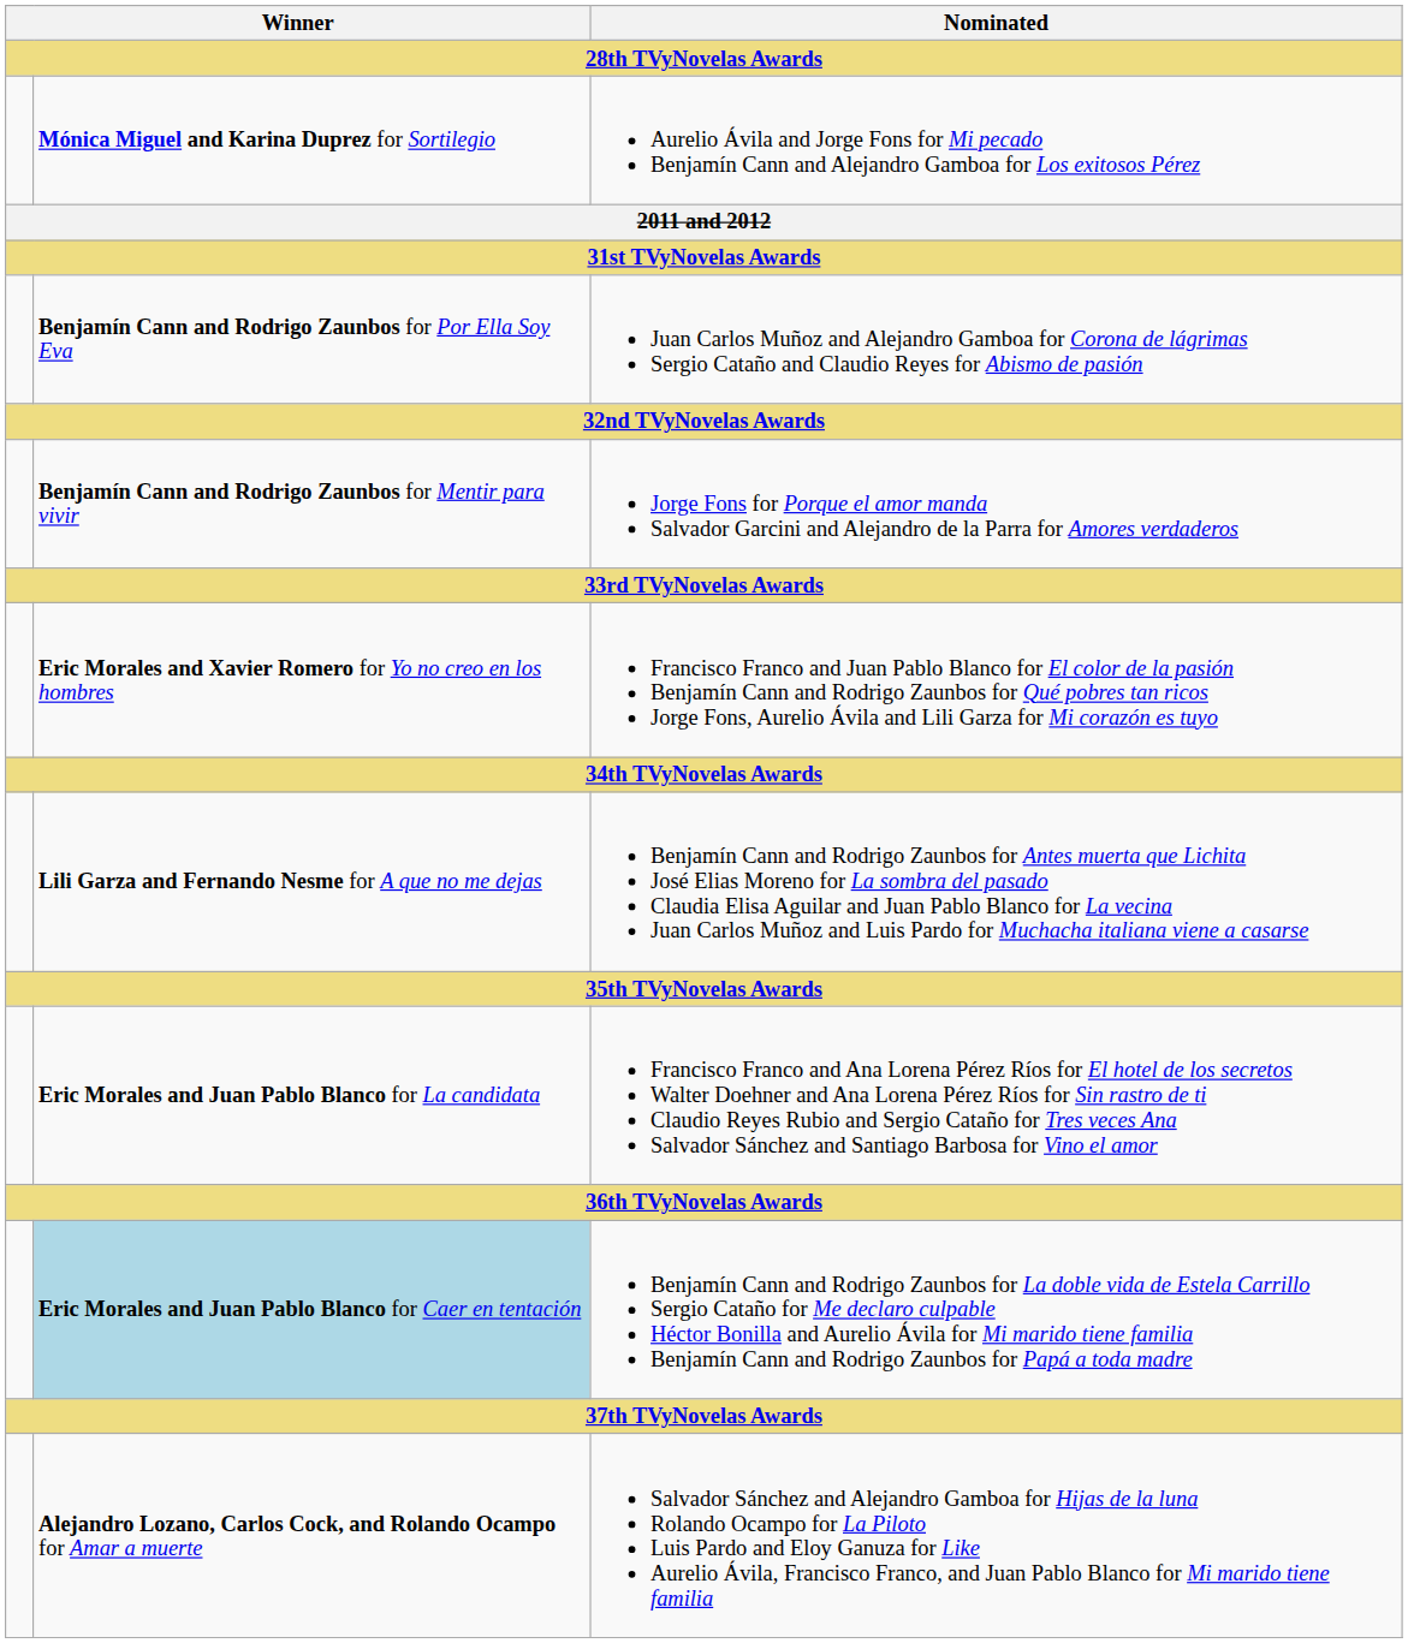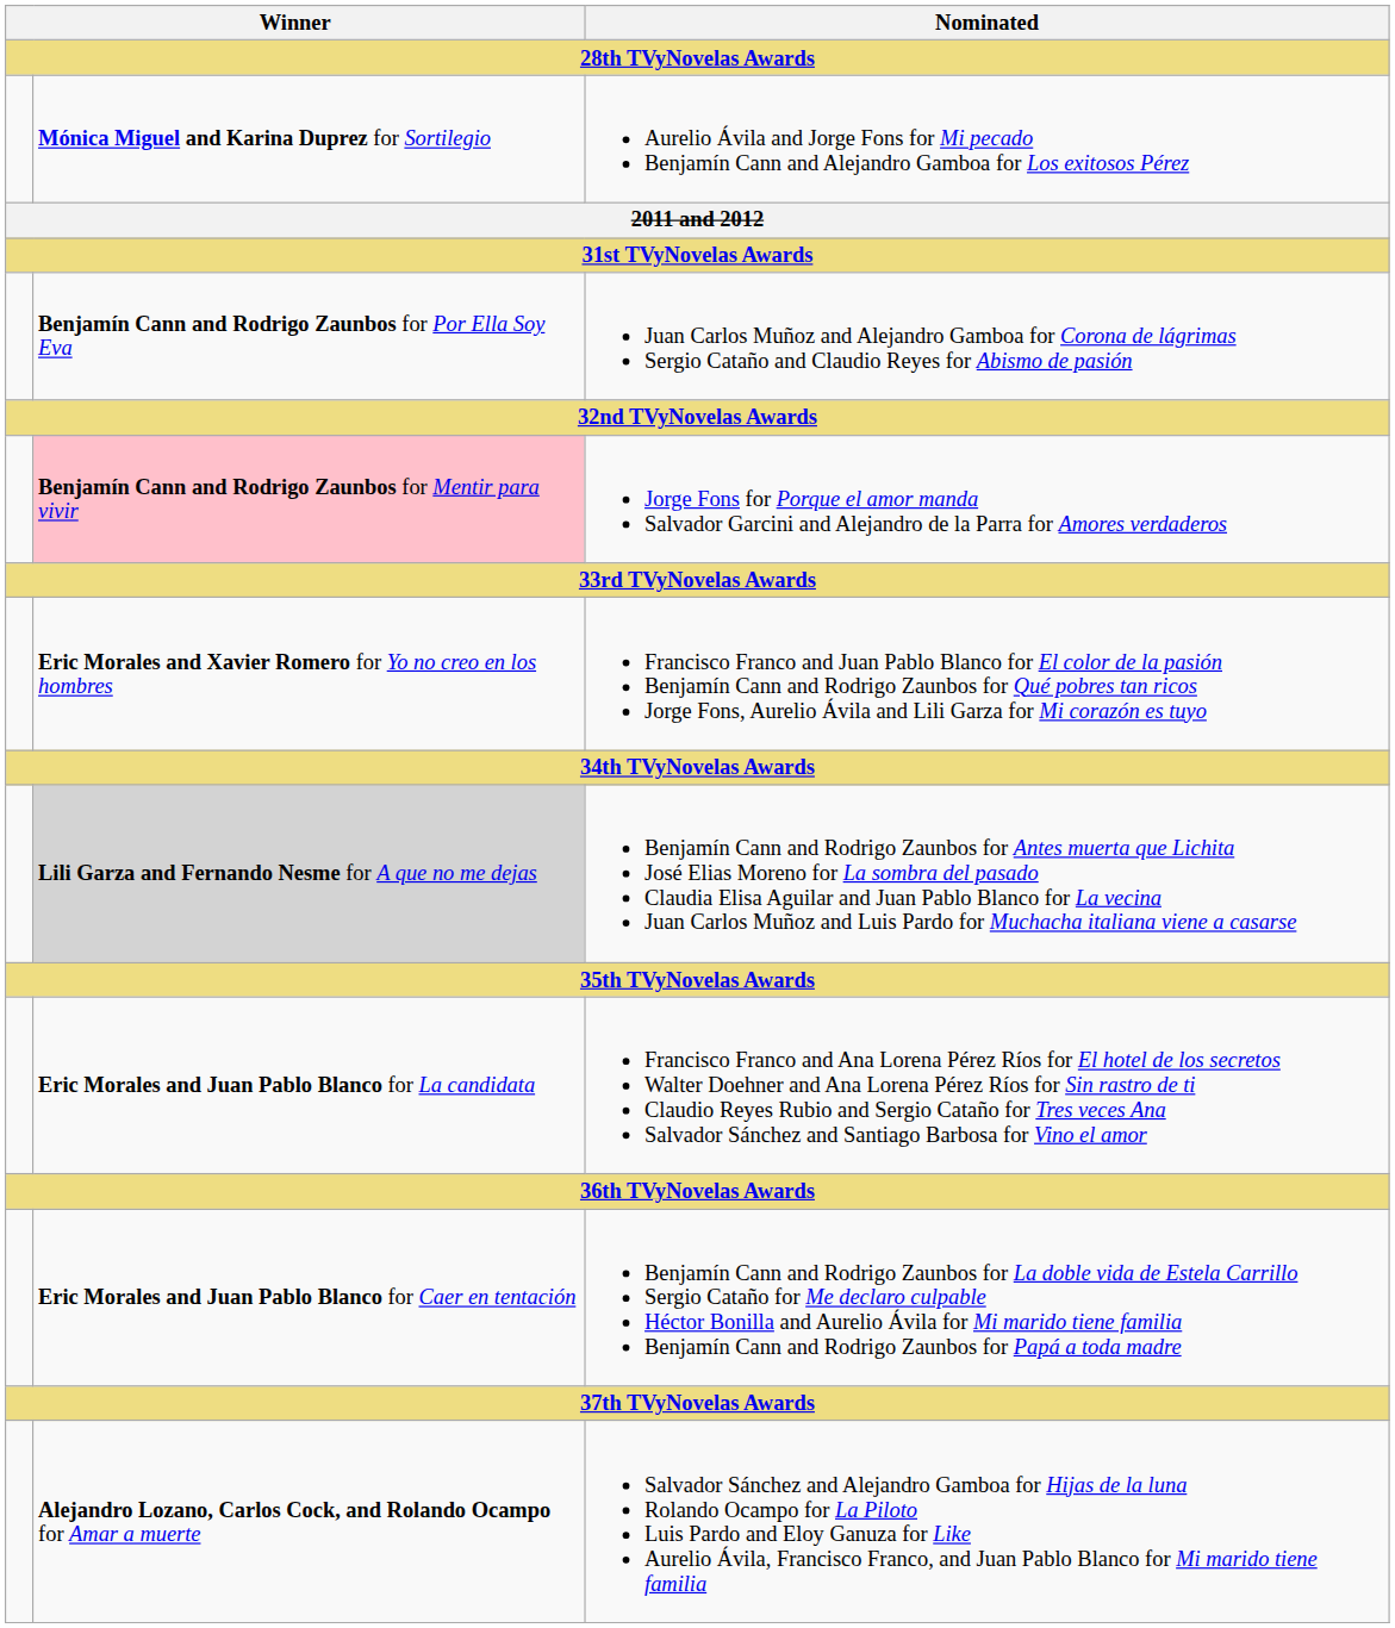 <table class="wikitable" width=80%>
 <tr align=center>
 <th width="150px;" colspan=2; align="center">Winner</th>
 <th width="580px;" align="center">Nominated</th>
 </tr>
 <tr>
 <th colspan=9 style="background:#EEDD82;"  align="center"><strong><a href='#'>28th TVyNovelas Awards</a></strong></th>
 </tr>
 <tr>
 <td width=2%></td>
 <td><strong><a href='#'>Mónica Miguel</a> and Karina Duprez</strong> for <em><a href='#'>Sortilegio</a></em></td>
 <td><br><ul><li>Aurelio Ávila and Jorge Fons for <em><a href='#'>Mi pecado</a></em></li><li>Benjamín Cann and Alejandro Gamboa for <em><a href='#'>Los exitosos Pérez</a></em></li></ul></td>
 </tr>
 <tr>
 <th colspan=9  align="center"><s>2011 and 2012</s></th>
 </tr>
 <tr>
 <th colspan=9 style="background:#EEDD82;"  align="center"><strong><a href='#'>31st TVyNovelas Awards</a></strong></th>
 </tr>
 <tr>
 <td width=2%></td>
 <td><strong>Benjamín Cann and Rodrigo Zaunbos</strong> for <em><a href='#'>Por Ella Soy Eva</a></em></td>
 <td><br><ul><li>Juan Carlos Muñoz and Alejandro Gamboa for <em><a href='#'>Corona de lágrimas</a></em></li><li>Sergio Cataño and Claudio Reyes for <em><a href='#'>Abismo de pasión</a></em></li></ul></td>
 </tr>
 <tr>
 <th colspan=9 style="background:#EEDD82;"  align="center"><strong><a href='#'>32nd TVyNovelas Awards</a></strong></th>
 </tr>
 <tr>
 <td width=2%></td>
-<td><strong>Benjamín Cann and Rodrigo Zaunbos</strong> for <em><a href='#'>Mentir para vivir</a></em></td>
+<td style="background: pink;"><strong>Benjamín Cann and Rodrigo Zaunbos</strong> for <em><a href='#'>Mentir para vivir</a></em></td>
 <td><br><ul><li><a href='#'>Jorge Fons</a> for <em><a href='#'>Porque el amor manda</a></em></li><li>Salvador Garcini and Alejandro de la Parra for <em><a href='#'>Amores verdaderos</a></em></li></ul></td>
 </tr>
 <tr>
 <th colspan=9 style="background:#EEDD82;"  align="center"><strong><a href='#'>33rd TVyNovelas Awards</a></strong></th>
 </tr>
 <tr>
 <td width=2%></td>
 <td><strong>Eric Morales and Xavier Romero</strong> for <em><a href='#'>Yo no creo en los hombres</a></em></td>
 <td><br><ul><li>Francisco Franco and Juan Pablo Blanco for <em><a href='#'>El color de la pasión</a></em></li><li>Benjamín Cann and Rodrigo Zaunbos for <em><a href='#'>Qué pobres tan ricos</a></em></li><li>Jorge Fons, Aurelio Ávila and Lili Garza for <em><a href='#'>Mi corazón es tuyo</a></em></li></ul></td>
 </tr>
 <tr>
 <th colspan=9 style="background:#EEDD82;"  align="center"><strong><a href='#'>34th TVyNovelas Awards</a></strong></th>
 </tr>
 <tr>
 <td width=2%></td>
-<td><strong>Lili Garza and Fernando Nesme</strong> for <em><a href='#'>A que no me dejas</a></em></td>
+<td style="background: lightgrey;"><strong>Lili Garza and Fernando Nesme</strong> for <em><a href='#'>A que no me dejas</a></em></td>
 <td><br><ul><li>Benjamín Cann and Rodrigo Zaunbos for <em><a href='#'>Antes muerta que Lichita</a></em></li><li>José Elias Moreno for <em><a href='#'>La sombra del pasado</a></em></li><li>Claudia Elisa Aguilar and Juan Pablo Blanco for <em><a href='#'>La vecina</a></em></li><li>Juan Carlos Muñoz and Luis Pardo for <em><a href='#'>Muchacha italiana viene a casarse</a></em></li></ul></td>
 </tr>
 <tr>
 <th colspan=9 style="background:#EEDD82;"  align="center"><strong><a href='#'>35th TVyNovelas Awards</a></strong></th>
 </tr>
 <tr>
 <td width=2%></td>
 <td><strong>Eric Morales and Juan Pablo Blanco</strong> for <em><a href='#'>La candidata</a></em></td>
 <td><br><ul><li>Francisco Franco and Ana Lorena Pérez Ríos for <em><a href='#'>El hotel de los secretos</a></em></li><li>Walter Doehner and Ana Lorena Pérez Ríos for <em><a href='#'>Sin rastro de ti</a></em></li><li>Claudio Reyes Rubio and Sergio Cataño for <em><a href='#'>Tres veces Ana</a></em></li><li>Salvador Sánchez and Santiago Barbosa for <em><a href='#'>Vino el amor</a></em></li></ul></td>
 </tr>
 <tr>
 <th colspan=9 style="background:#EEDD82;"  align="center"><strong><a href='#'>36th TVyNovelas Awards</a></strong></th>
 </tr>
 <tr>
 <td width=2%></td>
-<td style="background: lightblue;"><strong>Eric Morales and Juan Pablo Blanco</strong> for <em><a href='#'>Caer en tentación</a></em></td>
+<td><strong>Eric Morales and Juan Pablo Blanco</strong> for <em><a href='#'>Caer en tentación</a></em></td>
 <td><br><ul><li>Benjamín Cann and Rodrigo Zaunbos for <em><a href='#'>La doble vida de Estela Carrillo</a></em></li><li>Sergio Cataño for <em><a href='#'>Me declaro culpable</a></em></li><li><a href='#'>Héctor Bonilla</a> and Aurelio Ávila for <em><a href='#'>Mi marido tiene familia</a></em></li><li>Benjamín Cann and Rodrigo Zaunbos for <em><a href='#'>Papá a toda madre</a></em></li></ul></td>
 </tr>
 <tr>
 <th colspan=9 style="background:#EEDD82;"  align="center"><strong><a href='#'>37th TVyNovelas Awards</a></strong></th>
 </tr>
 <tr>
 <td width=2%></td>
 <td><strong>Alejandro Lozano, Carlos Cock, and Rolando Ocampo</strong> for <em><a href='#'>Amar a muerte</a></em></td>
 <td><br><ul><li>Salvador Sánchez and Alejandro Gamboa for <em><a href='#'>Hijas de la luna</a></em></li><li>Rolando Ocampo for <em><a href='#'>La Piloto</a></em></li><li>Luis Pardo and Eloy Ganuza for <em><a href='#'>Like</a></em></li><li>Aurelio Ávila, Francisco Franco, and Juan Pablo Blanco for <em><a href='#'>Mi marido tiene familia</a></em></li></ul></td>
 </tr>
 <tr>
 </tr>
 </table>
